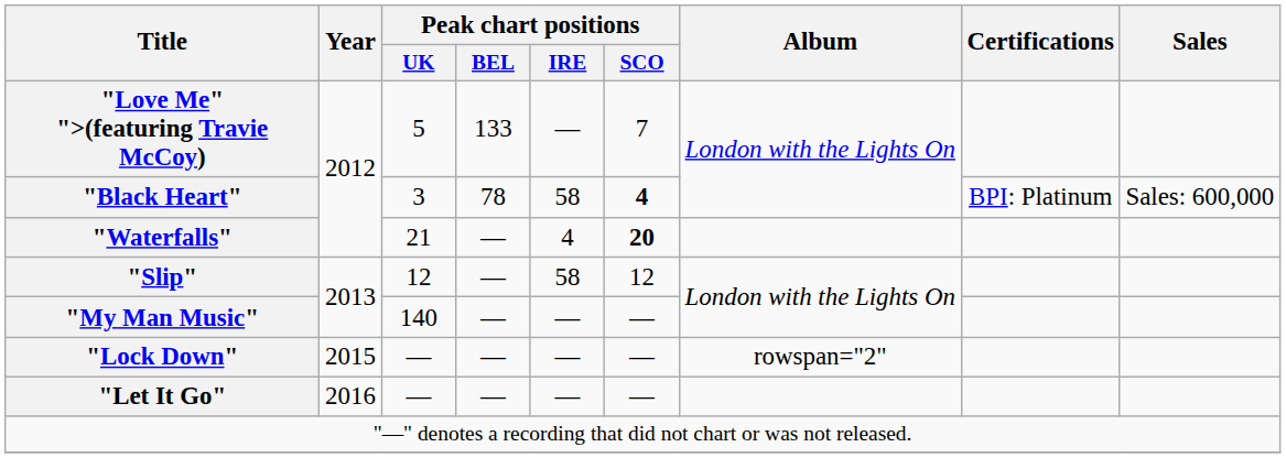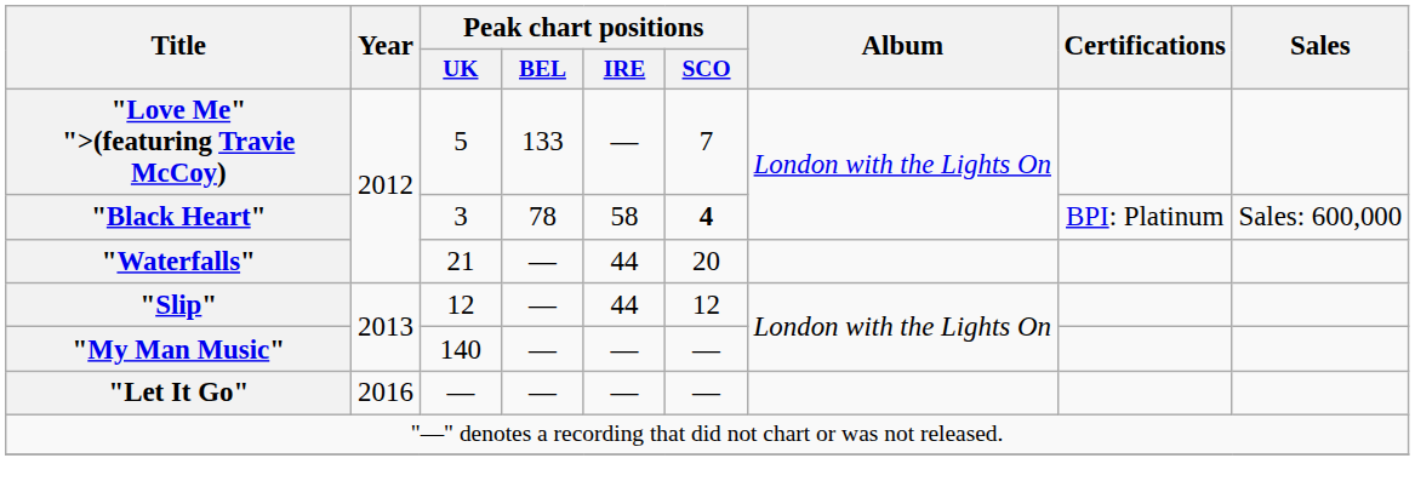 <table class="wikitable plainrowheaders" style="text-align:center;" border="1">
 <tr>
 <th scope="col" rowspan="2" style="width:12em;">Title</th>
 <th scope="col" rowspan="2">Year</th>
 <th scope="col" colspan="4">Peak chart positions</th>
 <th scope="col" rowspan="2">Album</th>
 <th scope="col" rowspan="2">Certifications</th>
 <th scope="col" rowspan="2">Sales</th>
 </tr>
 <tr>
 <th scope="col" style="width:3em;font-size:85%;"><a href='#'>UK</a><br></th>
 <th scope="col" style="width:3em;font-size:85%;"><a href='#'>BEL</a><br></th>
 <th scope="col" style="width:3em;font-size:85%;"><a href='#'>IRE</a><br></th>
 <th scope="col" style="width:3em;font-size:85%;"><a href='#'>SCO</a><br></th>
 </tr>
 <tr>
 <th scope="row">"<a href='#'>Love Me</a>"<br><span>">(featuring <a href='#'>Travie McCoy</a>)</span></th>
 <td rowspan="3">2012</td>
 <td>5</td>
 <td>133</td>
 <td>—</td>
 <td>7</td>
 <td rowspan="2"><em><a href='#'>London with the Lights On</a></em></td>
 <td></td>
 <td></td>
 </tr>
 <tr>
 <th scope="row">"<a href='#'>Black Heart</a>"</th>
 <td>3</td>
 <td>78</td>
 <td>58</td>
 <td><strong>4</strong></td>
 <td><a href='#'>BPI</a>: Platinum</td>
 <td>Sales: 600,000</td>
 </tr>
 <tr>
 <th scope="row">"<a href='#'>Waterfalls</a>"</th>
 <td>21</td>
 <td>—</td>
-<td>4</td>
-<td><strong>20</strong></td>
+<td>44</td>
+<td>20</td>
 <td></td>
 <td></td>
 <td></td>
 </tr>
 <tr>
 <th scope="row">"<a href='#'>Slip</a>"</th>
 <td rowspan="2">2013</td>
 <td>12</td>
 <td>—</td>
-<td>58</td>
+<td>44</td>
 <td>12</td>
 <td rowspan="2"><em>London with the Lights On</em></td>
 <td></td>
 <td></td>
 </tr>
 <tr>
 <th scope="row">"<a href='#'>My Man Music</a>"</th>
 <td>140</td>
 <td>—</td>
 <td>—</td>
 <td>—</td>
 <td></td>
-<td></td>
-</tr>
-<tr>
-<th scope="row">"<a href='#'>Lock Down</a>"</th>
-<td>2015</td>
-<td>—</td>
-<td>—</td>
-<td>—</td>
-<td>—</td>
-<td>rowspan="2" </td>
-<td rowspan="1"></td>
 <td></td>
 </tr>
 <tr>
 <th scope="row">"Let It Go"</th>
 <td>2016</td>
 <td>—</td>
 <td>—</td>
 <td>—</td>
 <td>—</td>
 <td rowspan="1"></td>
 <td></td>
 </tr>
 <tr>
 <td colspan="9" style="font-size:85%">"—" denotes a recording that did not chart or was not released.</td>
 </tr>
 <tr>
 </tr>
 </table>
